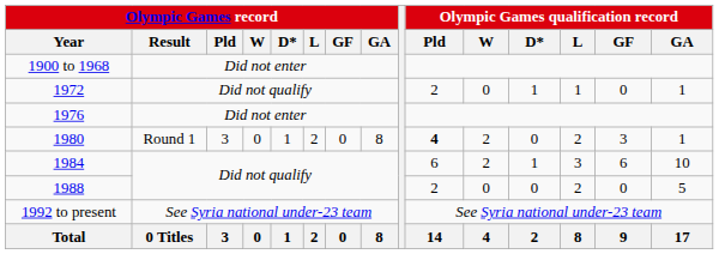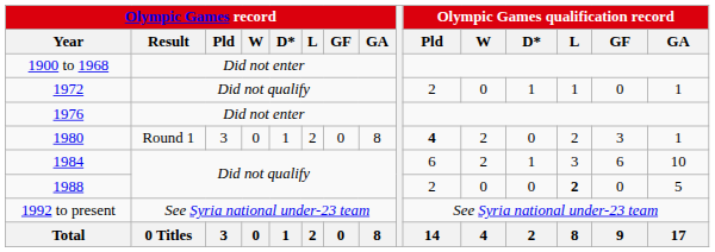 <table class="wikitable" style="text-align: center;">
 <tr>
 <th colspan=8 style="background: #db000d; color: #FFFFFF;"><a href='#'>Olympic Games</a> record</th>
 <th style="width:1%;" rowspan="11"></th>
 <th colspan=6 style="background: #db000d; color: #FFFFFF;">Olympic Games qualification record</th>
 </tr>
 <tr>
 <th>Year</th>
 <th>Result</th>
 <th>Pld</th>
 <th>W</th>
 <th>D*</th>
 <th>L</th>
 <th>GF</th>
 <th>GA</th>
 <th>Pld</th>
 <th>W</th>
 <th>D*</th>
 <th>L</th>
 <th>GF</th>
 <th>GA</th>
 </tr>
 <tr>
 <td> <a href='#'>1900</a> to <a href='#'>1968</a> </td>
 <td colspan=7><em>Did not enter</em></td>
 <td colspan=6></td>
 </tr>
 <tr>
 <td> <a href='#'>1972</a></td>
 <td colspan=7><em>Did not qualify</em></td>
 <td>2</td>
 <td>0</td>
 <td>1</td>
 <td>1</td>
 <td>0</td>
 <td>1</td>
 </tr>
 <tr>
 <td> <a href='#'>1976</a></td>
 <td colspan=7><em>Did not enter</em></td>
 <td colspan=6></td>
 </tr>
 <tr>
 <td> <a href='#'>1980</a></td>
 <td>Round 1</td>
 <td>3</td>
 <td>0</td>
 <td>1</td>
 <td>2</td>
 <td>0</td>
 <td>8</td>
 <td><strong>4</strong></td>
 <td>2</td>
 <td>0</td>
 <td>2</td>
 <td>3</td>
 <td>1</td>
 </tr>
 <tr>
 <td> <a href='#'>1984</a></td>
 <td colspan=7 rowspan=2><em>Did not qualify</em></td>
 <td>6</td>
 <td>2</td>
 <td>1</td>
 <td>3</td>
 <td>6</td>
 <td>10</td>
 </tr>
 <tr>
 <td> <a href='#'>1988</a></td>
 <td>2</td>
 <td>0</td>
 <td>0</td>
-<td>2</td>
+<td><strong>2</strong></td>
 <td>0</td>
 <td>5</td>
 </tr>
 <tr>
 <td> <a href='#'>1992</a> to present</td>
 <td colspan=8><em>See <a href='#'>Syria national under-23 team</a></em></td>
 <td colspan=6><em>See <a href='#'>Syria national under-23 team</a></em></td>
 </tr>
 <tr>
 <th><strong>Total</strong></th>
 <th><strong>0 Titles</strong></th>
 <th>3</th>
 <th>0</th>
 <th>1</th>
 <th>2</th>
 <th>0</th>
 <th>8</th>
 <th>14</th>
 <th>4</th>
 <th>2</th>
 <th>8</th>
 <th>9</th>
 <th>17</th>
 </tr>
 </table>
